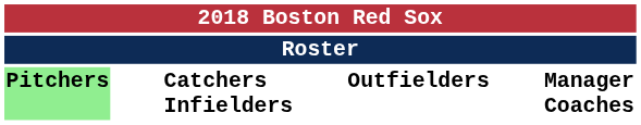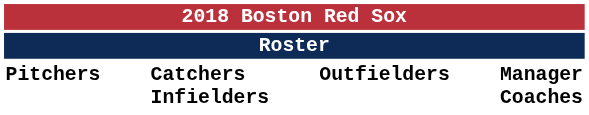 <table class="toccolours" style="text-align: left;">
 <tr>
 <th colspan="10" style="background-color: #ba313c; color: #FFFFFF; text-align: center;">2018 Boston Red Sox</th>
 </tr>
 <tr>
 <td colspan="10" style="background-color:#0d2b56; color: white; text-align: center;"><strong>Roster</strong></td>
 </tr>
 <tr>
-<td valign="top" style="background: lightgreen;"><strong>Pitchers</strong><br>                      </td>
+<td valign="top"><strong>Pitchers</strong><br>                      </td>
 <td width="25px"></td>
 <td valign="top"><strong>Catchers</strong><br>    <strong>Infielders</strong>             </td>
 <td width="25px"></td>
 <td valign="top"><strong>Outfielders</strong><br>   </td>
 <td width="25px"></td>
 <td valign="top"><strong>Manager</strong><br> <strong>Coaches</strong>                      </td>
 </tr>
 </table>
